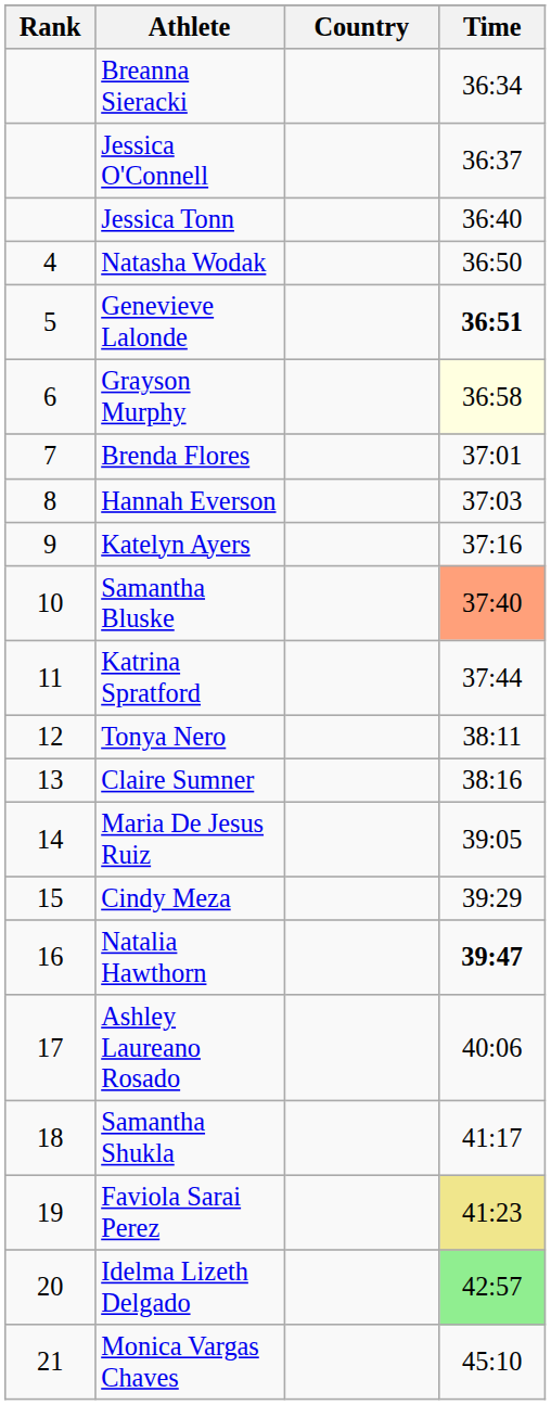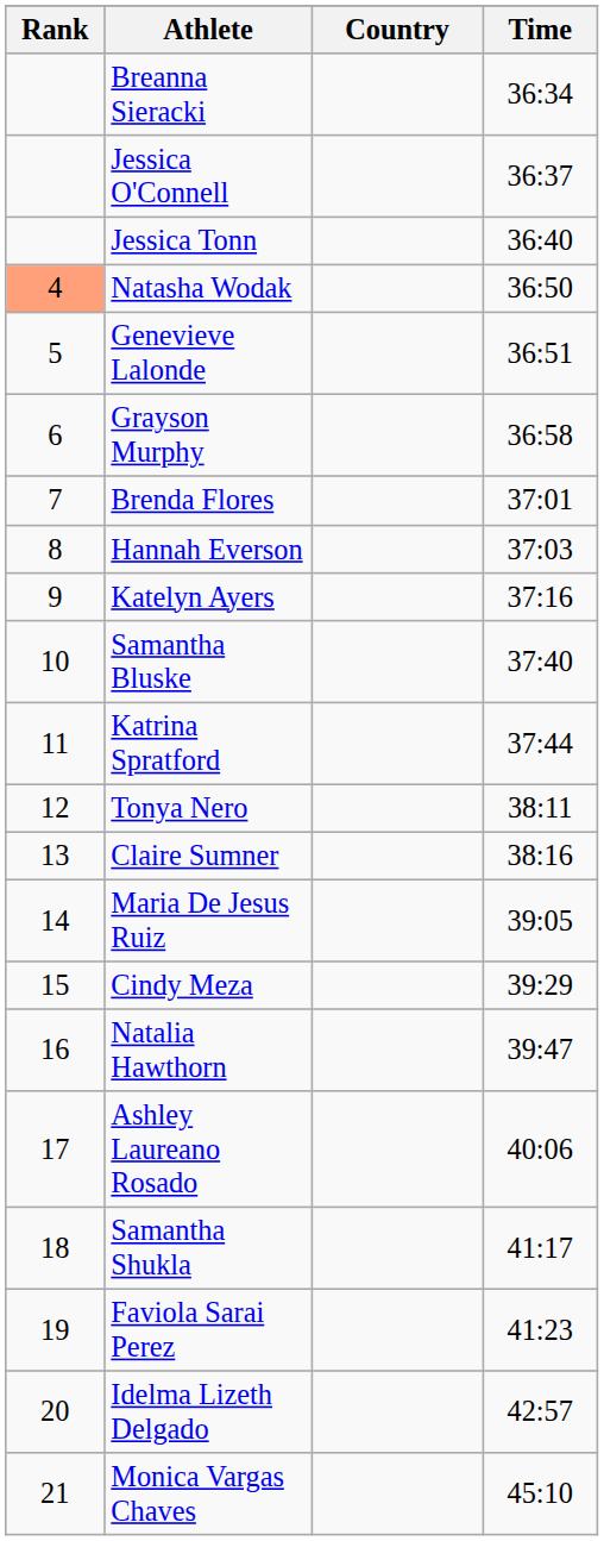 <table class="wikitable sortable" style=" text-align:center; font-size:95%;" width="50%">
 <tr>
 </tr>
 <tr>
 <th width=5%>Rank</th>
 <th width=20%>Athlete</th>
 <th width=15%>Country</th>
 <th width=10%>Time</th>
 </tr>
 <tr>
 <td align=center></td>
 <td align=left><a href='#'>Breanna Sieracki</a></td>
 <td align=left></td>
 <td>36:34</td>
 </tr>
 <tr>
 <td align=center></td>
 <td align=left><a href='#'>Jessica O'Connell</a></td>
 <td align=left></td>
 <td>36:37</td>
 </tr>
 <tr>
 <td align=center></td>
 <td align=left><a href='#'>Jessica Tonn</a></td>
 <td align=left></td>
 <td>36:40</td>
 </tr>
 <tr>
-<td align=center>4</td>
+<td align=center style="background: lightsalmon;">4</td>
 <td align=left><a href='#'>Natasha Wodak</a></td>
 <td align=left></td>
 <td>36:50</td>
 </tr>
 <tr>
 <td align=center>5</td>
 <td align=left><a href='#'>Genevieve Lalonde</a></td>
 <td align=left></td>
-<td><strong>36:51</strong></td>
+<td>36:51</td>
 </tr>
 <tr>
 <td align=center>6</td>
 <td align=left><a href='#'>Grayson Murphy</a></td>
 <td align=left></td>
-<td style="background: lightyellow;">36:58</td>
+<td>36:58</td>
 </tr>
 <tr>
 <td align=center>7</td>
 <td align=left><a href='#'>Brenda Flores</a></td>
 <td align=left></td>
 <td>37:01</td>
 </tr>
 <tr>
 <td align=center>8</td>
 <td align=left><a href='#'>Hannah Everson</a></td>
 <td align=left></td>
 <td>37:03</td>
 </tr>
 <tr>
 <td align=center>9</td>
 <td align=left><a href='#'>Katelyn Ayers</a></td>
 <td align=left></td>
 <td>37:16</td>
 </tr>
 <tr>
 <td align=center>10</td>
 <td align=left><a href='#'>Samantha Bluske</a></td>
 <td align=left></td>
-<td style="background: lightsalmon;">37:40</td>
+<td>37:40</td>
 </tr>
 <tr>
 <td align=center>11</td>
 <td align=left><a href='#'>Katrina Spratford</a></td>
 <td align=left></td>
 <td>37:44</td>
 </tr>
 <tr>
 <td align=center>12</td>
 <td align=left><a href='#'>Tonya Nero</a></td>
 <td align=left></td>
 <td>38:11</td>
 </tr>
 <tr>
 <td align=center>13</td>
 <td align=left><a href='#'>Claire Sumner</a></td>
 <td align=left></td>
 <td>38:16</td>
 </tr>
 <tr>
 <td align=center>14</td>
 <td align=left><a href='#'>Maria De Jesus Ruiz</a></td>
 <td align=left></td>
 <td>39:05</td>
 </tr>
 <tr>
 <td align=center>15</td>
 <td align=left><a href='#'>Cindy Meza</a></td>
 <td align=left></td>
 <td>39:29</td>
 </tr>
 <tr>
 <td align=center>16</td>
 <td align=left><a href='#'>Natalia Hawthorn</a></td>
 <td align=left></td>
-<td><strong>39:47</strong></td>
+<td>39:47</td>
 </tr>
 <tr>
 <td align=center>17</td>
 <td align=left><a href='#'>Ashley Laureano Rosado</a></td>
 <td align=left></td>
 <td>40:06</td>
 </tr>
 <tr>
 <td align=center>18</td>
 <td align=left><a href='#'>Samantha Shukla</a></td>
 <td align=left></td>
 <td>41:17</td>
 </tr>
 <tr>
 <td align=center>19</td>
 <td align=left><a href='#'>Faviola Sarai Perez</a></td>
 <td align=left></td>
-<td style="background: khaki;">41:23</td>
+<td>41:23</td>
 </tr>
 <tr>
 <td align=center>20</td>
 <td align=left><a href='#'>Idelma Lizeth Delgado</a></td>
 <td align=left></td>
-<td style="background: lightgreen;">42:57</td>
+<td>42:57</td>
 </tr>
 <tr>
 <td align=center>21</td>
 <td align=left><a href='#'>Monica Vargas Chaves</a></td>
 <td align=left></td>
 <td>45:10</td>
 </tr>
 </table>
